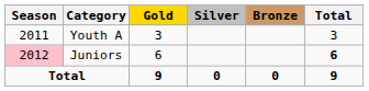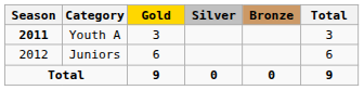 <table class="wikitable" style="text-align:center;">
 <tr>
 <th width="55">Season</th>
 <th width="55">Category</th>
 <th width="55" style="background: gold;">Gold</th>
 <th width="55" style="background: silver;">Silver</th>
 <th width="55" style="background: #cc9966;">Bronze</th>
 <th width="55">Total</th>
 </tr>
 <tr>
-<td>2011</td>
+<td><strong>2011</strong></td>
 <td>Youth A</td>
 <td>3</td>
 <td></td>
 <td></td>
 <td>3</td>
 </tr>
 <tr>
-<td style="background: pink;">2012</td>
+<td>2012</td>
 <td>Juniors</td>
 <td>6</td>
 <td></td>
 <td></td>
-<td><strong>6</strong></td>
+<td>6</td>
 </tr>
 <tr>
 <td colspan=2><strong>Total</strong></td>
 <td><strong>9</strong></td>
 <td><strong>0</strong></td>
 <td><strong>0</strong></td>
 <td><strong>9</strong></td>
 </tr>
 </table>
